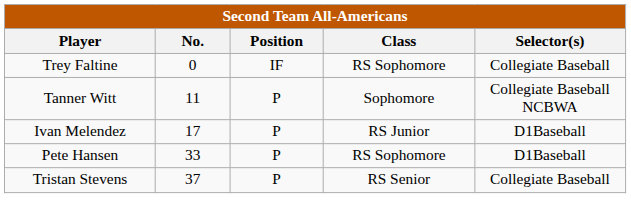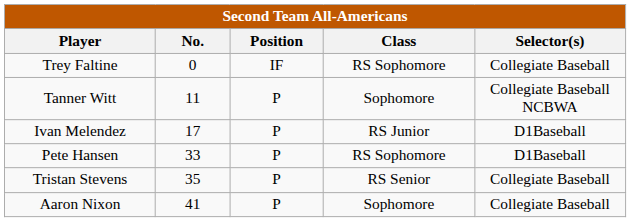 <table class="wikitable" style="text-align:center">
 <tr>
 <td colspan="5" style= "background: #BF5700; color:white"><strong>Second Team All-Americans</strong></td>
 </tr>
 <tr>
 <th style="width:150px; ">Player</th>
 <th style="width:70px; ">No.</th>
 <th style="width:90px; ">Position</th>
 <th style="width:150px; ">Class</th>
 <th style="width:150px; ">Selector(s)</th>
 </tr>
 <tr>
 <td>Trey Faltine</td>
 <td>0</td>
 <td>IF</td>
 <td>RS Sophomore</td>
 <td>Collegiate Baseball</td>
 </tr>
 <tr>
 <td>Tanner Witt</td>
 <td>11</td>
 <td>P</td>
 <td>Sophomore</td>
 <td>Collegiate Baseball<br>NCBWA</td>
 </tr>
 <tr>
 <td>Ivan Melendez</td>
 <td>17</td>
 <td>P</td>
 <td>RS Junior</td>
 <td>D1Baseball</td>
 </tr>
 <tr>
 <td>Pete Hansen</td>
 <td>33</td>
 <td>P</td>
 <td>RS Sophomore</td>
 <td>D1Baseball</td>
 </tr>
 <tr>
 <td>Tristan Stevens</td>
-<td>37</td>
+<td>35</td>
 <td>P</td>
 <td>RS Senior</td>
 <td>Collegiate Baseball</td>
 </tr>
+<tr>
+<td>Aaron Nixon</td>
+<td>41</td>
+<td>P</td>
+<td>Sophomore</td>
+<td>Collegiate Baseball</td>
+</tr>
 </table>
